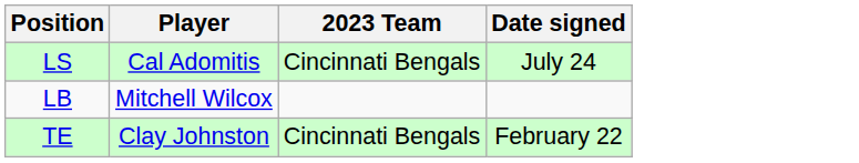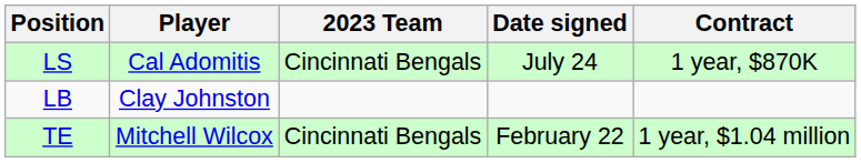 <table class="wikitable" style="text-align:center">
 <tr>
 <th>Position</th>
 <th>Player</th>
 <th>2023 Team</th>
 <th>Date signed</th>
+<th>Contract</th>
 </tr>
 <tr style="background:#cfc;">
 <td><a href='#'>LS</a></td>
 <td><a href='#'>Cal Adomitis</a></td>
 <td>Cincinnati Bengals</td>
 <td>July 24</td>
+<td>1 year, $870K</td>
 </tr>
 <tr>
 <td><a href='#'>LB</a></td>
-<td><a href='#'>Mitchell Wilcox</a></td>
+<td><a href='#'>Clay Johnston</a></td>
+<td></td>
 <td></td>
 <td></td>
 </tr>
 <tr style="background:#cfc;">
 <td><a href='#'>TE</a></td>
-<td><a href='#'>Clay Johnston</a></td>
+<td><a href='#'>Mitchell Wilcox</a></td>
 <td>Cincinnati Bengals</td>
 <td>February 22</td>
+<td>1 year, $1.04 million</td>
 </tr>
 </table>
